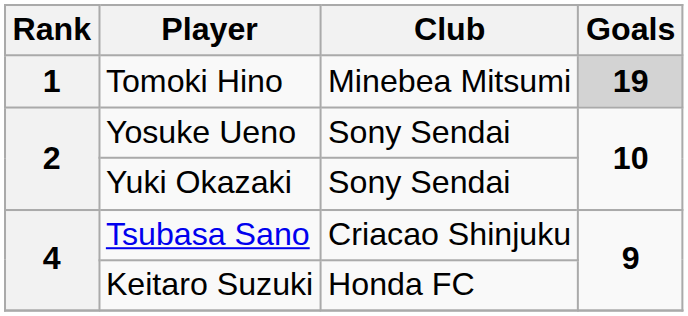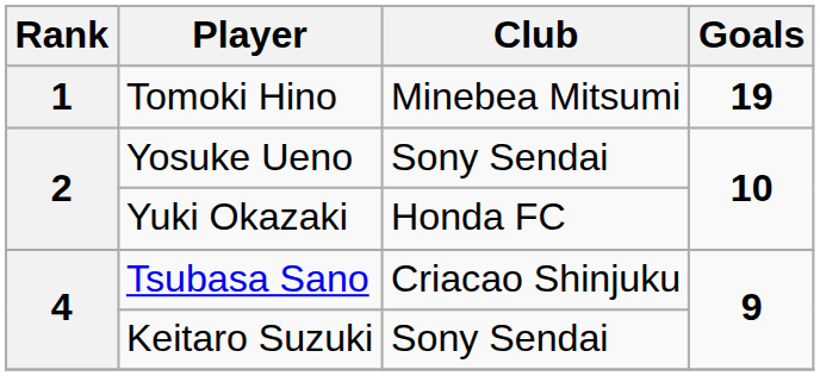 <table class="wikitable" style="text-align:center">
 <tr>
 <th>Rank</th>
 <th>Player</th>
 <th>Club</th>
 <th>Goals</th>
 </tr>
 <tr>
 <th rowspan="1">1</th>
 <td align="left"> Tomoki Hino</td>
 <td align="left">Minebea Mitsumi</td>
-<td rowspan="1" style="background: lightgrey;"><strong>19</strong></td>
+<td rowspan="1"><strong>19</strong></td>
 </tr>
 <tr>
 <th rowspan="2">2</th>
 <td align="left"> Yosuke Ueno</td>
 <td align="left">Sony Sendai</td>
 <td rowspan="2"><strong>10</strong></td>
 </tr>
 <tr>
 <td align="left"> Yuki Okazaki</td>
-<td align="left">Sony Sendai</td>
+<td align="left">Honda FC</td>
 </tr>
 <tr>
 <th rowspan="2">4</th>
 <td align="left"> <a href='#'>Tsubasa Sano</a></td>
 <td align="left">Criacao Shinjuku</td>
 <td rowspan="2"><strong>9</strong></td>
 </tr>
 <tr>
 <td align="left"> Keitaro Suzuki</td>
-<td align="left">Honda FC</td>
+<td align="left">Sony Sendai</td>
 </tr>
 <tr>
 </tr>
 </table>
